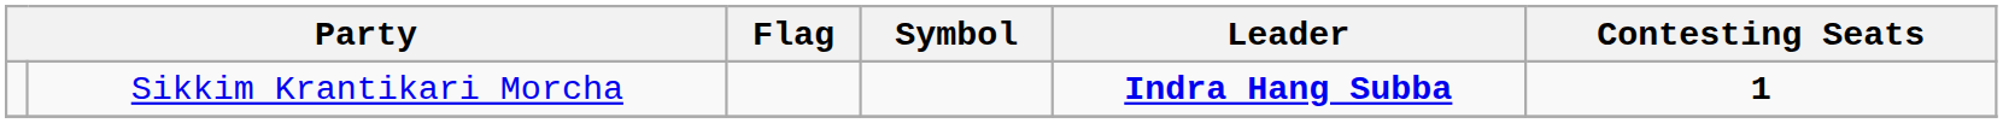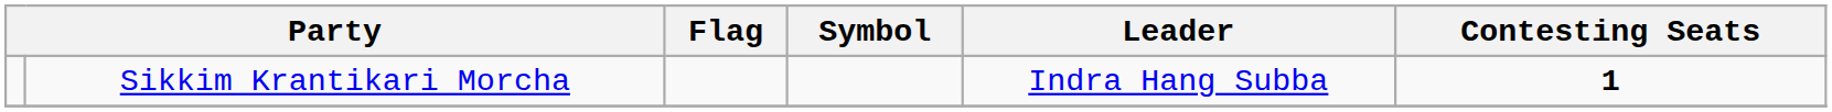 <table class="wikitable" width="60%" style="text-align:center">
 <tr>
 <th colspan="2">Party</th>
 <th>Flag</th>
 <th>Symbol</th>
 <th>Leader</th>
 <th>Contesting Seats</th>
 </tr>
 <tr>
 <td></td>
 <td><a href='#'>Sikkim Krantikari Morcha</a></td>
 <td></td>
 <td></td>
-<td><strong><a href='#'>Indra Hang Subba</a></strong></td>
+<td><a href='#'>Indra Hang Subba</a></td>
 <td><strong>1</strong></td>
 </tr>
 <tr>
 </tr>
 </table>
